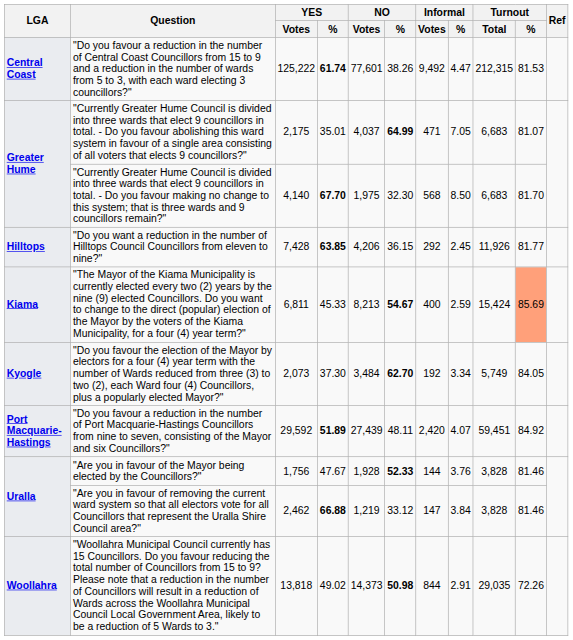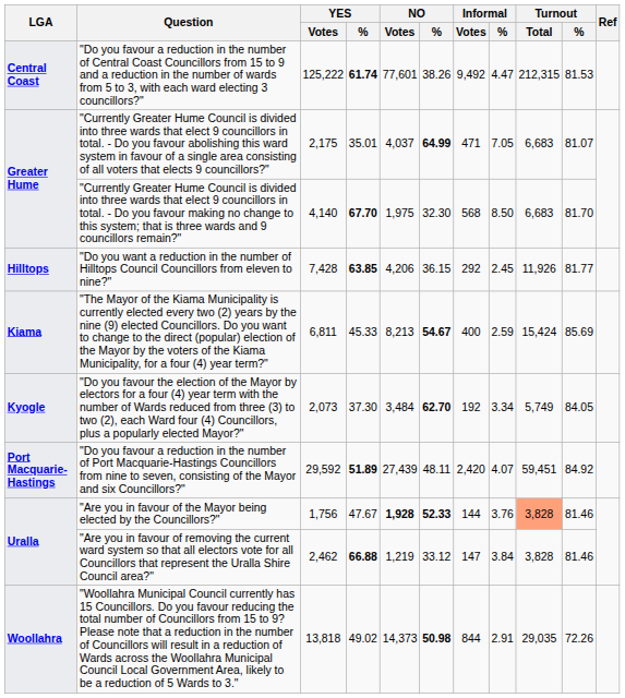 <table class="wikitable sortable">
 <tr>
 <th rowspan="2" style="text-align:center;">LGA</th>
 <th rowspan="2" style="text-align:center;">Question</th>
 <th colspan="2" align="center">YES</th>
 <th colspan="2" align="center">NO</th>
 <th colspan="2" align="center">Informal</th>
 <th colspan="2" align="center">Turnout</th>
 <th rowspan="2" style="text-align:center;" class=unsortable>Ref</th>
 </tr>
 <tr>
 <th align="center">Votes</th>
 <th align="center">%</th>
 <th align="center">Votes</th>
 <th align="center">%</th>
 <th align="center">Votes</th>
 <th align="center">%</th>
 <th align="center">Total</th>
 <th align="center">%</th>
 </tr>
 <tr>
 <td align="left"; style=background:#EAECF0><strong><a href='#'>Central Coast</a></strong></td>
 <td>"Do you favour a reduction in the number of Central Coast Councillors from 15 to 9 and a reduction in the number of wards from 5 to 3, with each ward electing 3 councillors?"</td>
 <td style="text-align:center;">125,222</td>
 <td><strong>61.74</strong></td>
 <td style="text-align:center;">77,601</td>
 <td>38.26</td>
 <td style="text-align:center;">9,492</td>
 <td align="center">4.47</td>
 <td style="text-align:center;">212,315</td>
 <td align="center">81.53</td>
 <td align="center"></td>
 </tr>
 <tr>
 <td align="left"; rowspan=2; style=background:#EAECF0><strong><a href='#'>Greater Hume</a></strong></td>
 <td>"Currently Greater Hume Council is divided into three wards that elect 9 councillors in total. - Do you favour abolishing this ward system in favour of a single area consisting of all voters that elects 9 councillors?"</td>
 <td style="text-align:center;">2,175</td>
 <td>35.01</td>
 <td style="text-align:center;">4,037</td>
 <td><strong>64.99</strong></td>
 <td style="text-align:center;">471</td>
 <td align="center">7.05</td>
 <td style="text-align:center;">6,683</td>
 <td align="center">81.07</td>
 <td rowspan=2; align="center"></td>
 </tr>
 <tr>
 <td>"Currently Greater Hume Council is divided into three wards that elect 9 councillors in total. - Do you favour making no change to this system; that is three wards and 9 councillors remain?"</td>
 <td style="text-align:center;">4,140</td>
 <td><strong>67.70</strong></td>
 <td style="text-align:center;">1,975</td>
 <td>32.30</td>
 <td style="text-align:center;">568</td>
 <td align="center">8.50</td>
 <td style="text-align:center;">6,683</td>
 <td align="center">81.70</td>
 </tr>
 <tr>
 <td align="left"; style=background:#EAECF0><strong><a href='#'>Hilltops</a></strong></td>
 <td>"Do you want a reduction in the number of Hilltops Council Councillors from eleven to nine?"</td>
 <td style="text-align:center;">7,428</td>
 <td><strong>63.85</strong></td>
 <td style="text-align:center;">4,206</td>
 <td>36.15</td>
 <td style="text-align:center;">292</td>
 <td align="center">2.45</td>
 <td style="text-align:center;">11,926</td>
 <td align="center">81.77</td>
 <td align="center"></td>
 </tr>
 <tr>
 <td align="left"; style=background:#EAECF0><strong><a href='#'>Kiama</a></strong></td>
 <td>"The Mayor of the Kiama Municipality is currently elected every two (2) years by the nine (9) elected Councillors. Do you want to change to the direct (popular) election of the Mayor by the voters of the Kiama Municipality, for a four (4) year term?"</td>
 <td style="text-align:center;">6,811</td>
 <td>45.33</td>
 <td style="text-align:center;">8,213</td>
 <td><strong>54.67</strong></td>
 <td style="text-align:center;">400</td>
 <td align="center">2.59</td>
 <td style="text-align:center;">15,424</td>
-<td align="center" style="background: lightsalmon;">85.69</td>
+<td align="center">85.69</td>
 <td align="center"></td>
 </tr>
 <tr>
 <td align="left"; style=background:#EAECF0><strong><a href='#'>Kyogle</a></strong></td>
 <td>"Do you favour the election of the Mayor by electors for a four (4) year term with the number of Wards reduced from three (3) to two (2), each Ward  four (4) Councillors, plus a popularly elected Mayor?"</td>
 <td style="text-align:center;">2,073</td>
 <td>37.30</td>
 <td style="text-align:center;">3,484</td>
 <td><strong>62.70</strong></td>
 <td style="text-align:center;">192</td>
 <td align="center">3.34</td>
 <td style="text-align:center;">5,749</td>
 <td align="center">84.05</td>
 <td align="center"></td>
 </tr>
 <tr>
 <td align="left"; style=background:#EAECF0><strong><a href='#'>Port Macquarie-Hastings</a></strong></td>
 <td>"Do you favour a reduction in the number of Port Macquarie-Hastings Councillors from nine to seven, consisting of the Mayor and six Councillors?"</td>
 <td style="text-align:center;">29,592</td>
 <td> <strong>51.89</strong></td>
 <td style="text-align:center;">27,439</td>
 <td style="text-align:center;">48.11</td>
 <td style="text-align:center;">2,420</td>
 <td align="center">4.07</td>
 <td style="text-align:center;">59,451</td>
 <td align="center">84.92</td>
 <td align="center"></td>
 </tr>
 <tr>
 <td align="left"; rowspan=2; style=background:#EAECF0><strong><a href='#'>Uralla</a></strong></td>
 <td>"Are you in favour of the Mayor being elected by the Councillors?"</td>
 <td style="text-align:center;">1,756</td>
 <td>47.67</td>
-<td style="text-align:center;">1,928</td>
+<td style="text-align:center;"><strong>1,928</strong></td>
 <td><strong>52.33</strong></td>
 <td style="text-align:center;">144</td>
 <td align="center">3.76</td>
-<td style="text-align:center;">3,828</td>
+<td style="background: lightsalmon; text-align:center;">3,828</td>
 <td align="center">81.46</td>
 <td rowspan=2; align="center"></td>
 </tr>
 <tr>
 <td>"Are you in favour of removing the current ward system so that all electors vote for all Councillors that represent the Uralla Shire Council area?"</td>
 <td style="text-align:center;">2,462</td>
 <td><strong>66.88</strong></td>
 <td style="text-align:center;">1,219</td>
 <td>33.12</td>
 <td style="text-align:center;">147</td>
 <td align="center">3.84</td>
 <td style="text-align:center;">3,828</td>
 <td align="center">81.46</td>
 </tr>
 <tr>
 <td align="left"; style=background:#EAECF0><strong><a href='#'>Woollahra</a></strong></td>
 <td>"Woollahra Municipal Council currently has 15 Councillors. Do you favour reducing the total number of Councillors from 15 to 9? Please note that a reduction in the number of Councillors will result in a reduction of Wards across the Woollahra Municipal Council Local Government Area, likely to be a reduction of 5 Wards to 3."</td>
 <td style="text-align:center;">13,818</td>
 <td>49.02</td>
 <td style="text-align:center;">14,373</td>
 <td><strong>50.98</strong></td>
 <td style="text-align:center;">844</td>
 <td align="center">2.91</td>
 <td style="text-align:center;">29,035</td>
 <td align="center">72.26</td>
 <td align="center"></td>
 </tr>
 </table>
